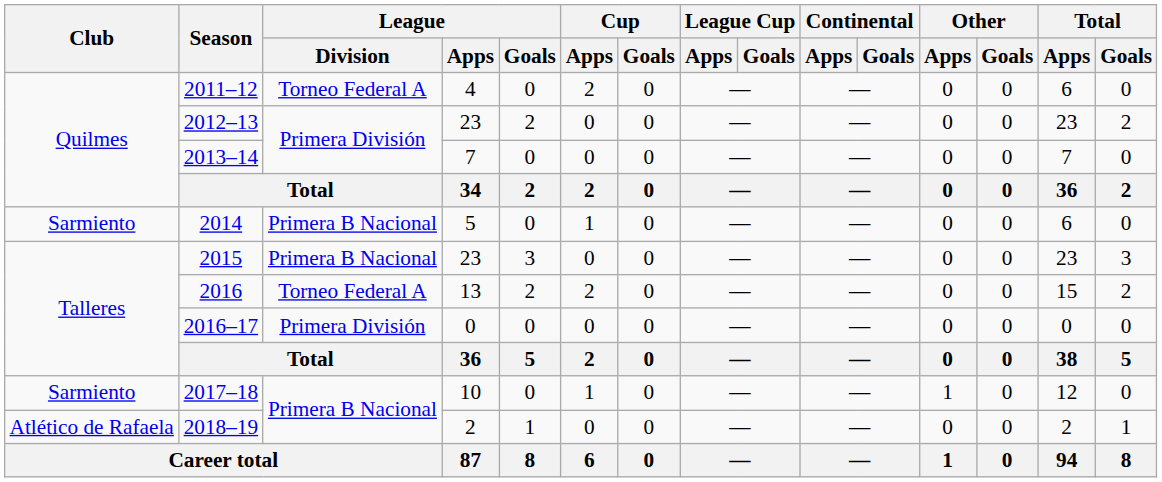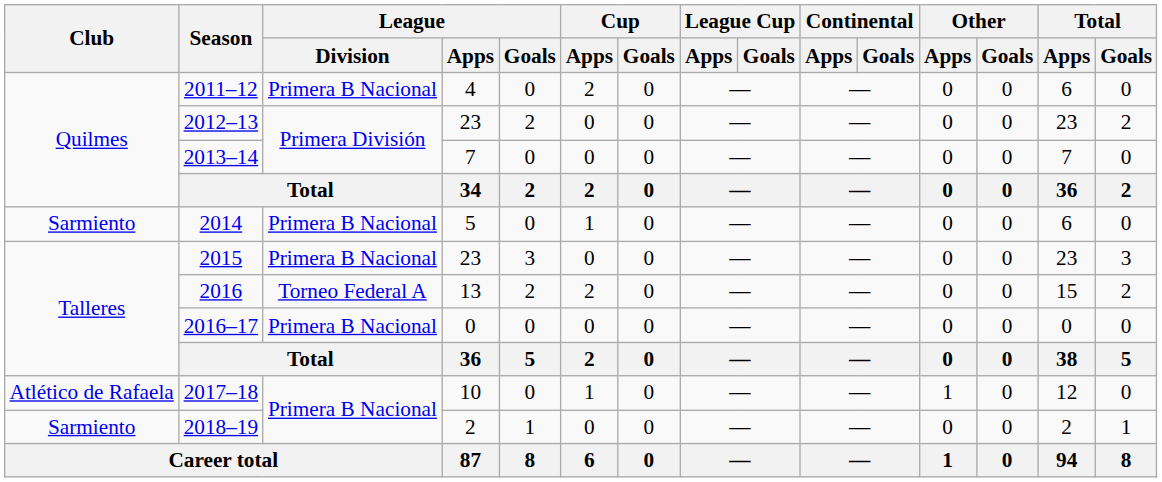 <table class="wikitable" style="text-align:center">
 <tr>
 <th rowspan="2">Club</th>
 <th rowspan="2">Season</th>
 <th colspan="3">League</th>
 <th colspan="2">Cup</th>
 <th colspan="2">League Cup</th>
 <th colspan="2">Continental</th>
 <th colspan="2">Other</th>
 <th colspan="2">Total</th>
 </tr>
 <tr>
 <th>Division</th>
 <th>Apps</th>
 <th>Goals</th>
 <th>Apps</th>
 <th>Goals</th>
 <th>Apps</th>
 <th>Goals</th>
 <th>Apps</th>
 <th>Goals</th>
 <th>Apps</th>
 <th>Goals</th>
 <th>Apps</th>
 <th>Goals</th>
 </tr>
 <tr>
 <td rowspan="4"><a href='#'>Quilmes</a></td>
 <td><a href='#'>2011–12</a></td>
-<td rowspan="1"><a href='#'>Torneo Federal A</a></td>
+<td rowspan="1"><a href='#'>Primera B Nacional</a></td>
 <td>4</td>
 <td>0</td>
 <td>2</td>
 <td>0</td>
 <td colspan="2">—</td>
 <td colspan="2">—</td>
 <td>0</td>
 <td>0</td>
 <td>6</td>
 <td>0</td>
 </tr>
 <tr>
 <td><a href='#'>2012–13</a></td>
 <td rowspan="2"><a href='#'>Primera División</a></td>
 <td>23</td>
 <td>2</td>
 <td>0</td>
 <td>0</td>
 <td colspan="2">—</td>
 <td colspan="2">—</td>
 <td>0</td>
 <td>0</td>
 <td>23</td>
 <td>2</td>
 </tr>
 <tr>
 <td><a href='#'>2013–14</a></td>
 <td>7</td>
 <td>0</td>
 <td>0</td>
 <td>0</td>
 <td colspan="2">—</td>
 <td colspan="2">—</td>
 <td>0</td>
 <td>0</td>
 <td>7</td>
 <td>0</td>
 </tr>
 <tr>
 <th colspan="2">Total</th>
 <th>34</th>
 <th>2</th>
 <th>2</th>
 <th>0</th>
 <th colspan="2">—</th>
 <th colspan="2">—</th>
 <th>0</th>
 <th>0</th>
 <th>36</th>
 <th>2</th>
 </tr>
 <tr>
 <td rowspan="1"><a href='#'>Sarmiento</a></td>
 <td><a href='#'>2014</a></td>
 <td rowspan="1"><a href='#'>Primera B Nacional</a></td>
 <td>5</td>
 <td>0</td>
 <td>1</td>
 <td>0</td>
 <td colspan="2">—</td>
 <td colspan="2">—</td>
 <td>0</td>
 <td>0</td>
 <td>6</td>
 <td>0</td>
 </tr>
 <tr>
 <td rowspan="4"><a href='#'>Talleres</a></td>
 <td><a href='#'>2015</a></td>
 <td rowspan="1"><a href='#'>Primera B Nacional</a></td>
 <td>23</td>
 <td>3</td>
 <td>0</td>
 <td>0</td>
 <td colspan="2">—</td>
 <td colspan="2">—</td>
 <td>0</td>
 <td>0</td>
 <td>23</td>
 <td>3</td>
 </tr>
 <tr>
 <td><a href='#'>2016</a></td>
 <td rowspan="1"><a href='#'>Torneo Federal A</a></td>
 <td>13</td>
 <td>2</td>
 <td>2</td>
 <td>0</td>
 <td colspan="2">—</td>
 <td colspan="2">—</td>
 <td>0</td>
 <td>0</td>
 <td>15</td>
 <td>2</td>
 </tr>
 <tr>
 <td><a href='#'>2016–17</a></td>
-<td rowspan="1"><a href='#'>Primera División</a></td>
+<td rowspan="1"><a href='#'>Primera B Nacional</a></td>
 <td>0</td>
 <td>0</td>
 <td>0</td>
 <td>0</td>
 <td colspan="2">—</td>
 <td colspan="2">—</td>
 <td>0</td>
 <td>0</td>
 <td>0</td>
 <td>0</td>
 </tr>
 <tr>
 <th colspan="2">Total</th>
 <th>36</th>
 <th>5</th>
 <th>2</th>
 <th>0</th>
 <th colspan="2">—</th>
 <th colspan="2">—</th>
 <th>0</th>
 <th>0</th>
 <th>38</th>
 <th>5</th>
 </tr>
 <tr>
-<td rowspan="1"><a href='#'>Sarmiento</a></td>
+<td rowspan="1"><a href='#'>Atlético de Rafaela</a></td>
 <td><a href='#'>2017–18</a></td>
 <td rowspan="2"><a href='#'>Primera B Nacional</a></td>
 <td>10</td>
 <td>0</td>
 <td>1</td>
 <td>0</td>
 <td colspan="2">—</td>
 <td colspan="2">—</td>
 <td>1</td>
 <td>0</td>
 <td>12</td>
 <td>0</td>
 </tr>
 <tr>
-<td rowspan="1"><a href='#'>Atlético de Rafaela</a></td>
+<td rowspan="1"><a href='#'>Sarmiento</a></td>
 <td><a href='#'>2018–19</a></td>
 <td>2</td>
 <td>1</td>
 <td>0</td>
 <td>0</td>
 <td colspan="2">—</td>
 <td colspan="2">—</td>
 <td>0</td>
 <td>0</td>
 <td>2</td>
 <td>1</td>
 </tr>
 <tr>
 <th colspan="3">Career total</th>
 <th>87</th>
 <th>8</th>
 <th>6</th>
 <th>0</th>
 <th colspan="2">—</th>
 <th colspan="2">—</th>
 <th>1</th>
 <th>0</th>
 <th>94</th>
 <th>8</th>
 </tr>
 </table>
